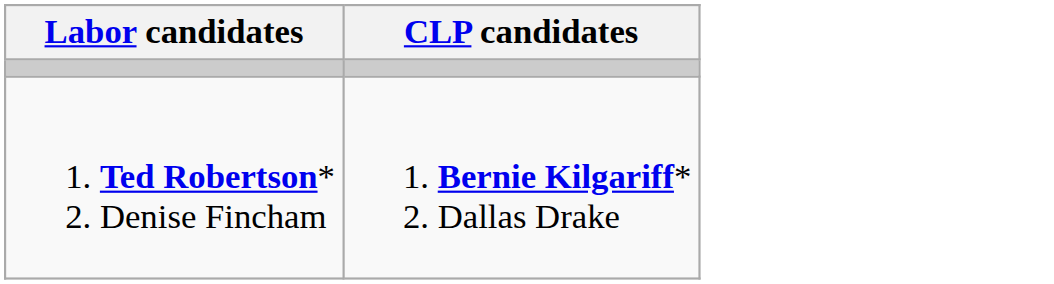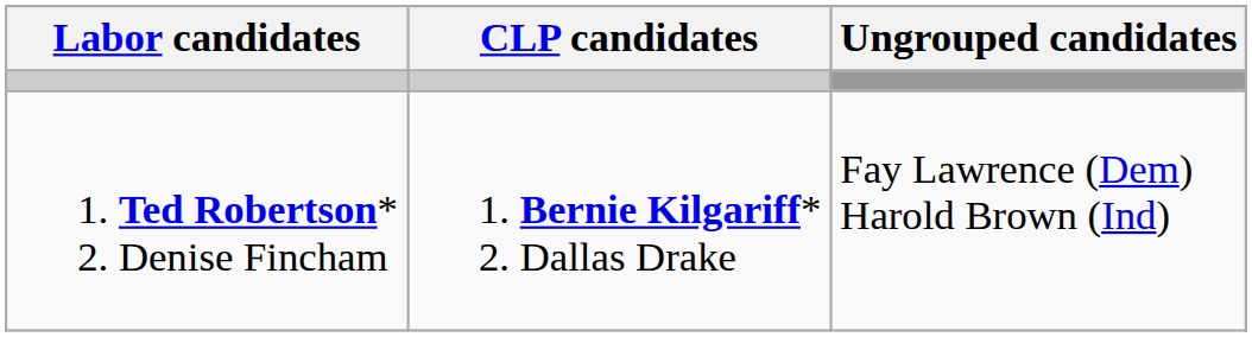 <table class="wikitable">
 <tr>
 <th><a href='#'>Labor</a> candidates</th>
 <th><a href='#'>CLP</a> candidates</th>
+<th>Ungrouped candidates</th>
 </tr>
 <tr bgcolor="#cccccc">
 <td></td>
 <td></td>
+<td bgcolor="#999999"></td>
 </tr>
 <tr>
 <td><br><ol><li><strong><a href='#'>Ted Robertson</a></strong>*</li><li>Denise Fincham</li></ol></td>
 <td><br><ol><li><strong><a href='#'>Bernie Kilgariff</a></strong>*</li><li>Dallas Drake</li></ol></td>
+<td valign=top><br>Fay Lawrence (<a href='#'>Dem</a>)<br> Harold Brown (<a href='#'>Ind</a>)</td>
 </tr>
 </table>
